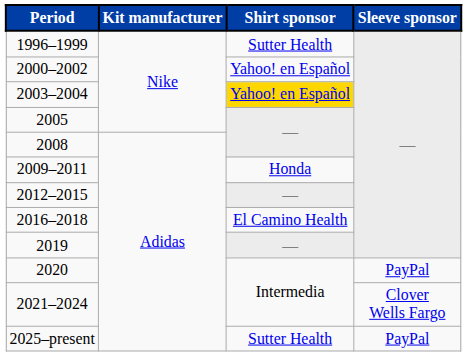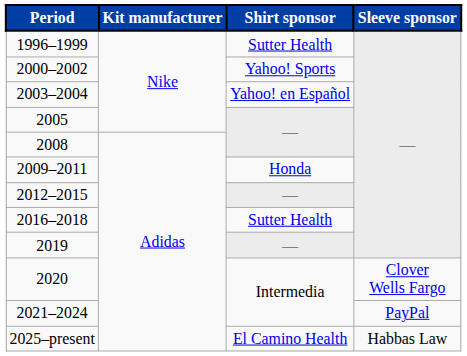 <table class="wikitable" style="text-align:center;margin-left:1em;float:center">
 <tr>
 <th style="background:#003DA5; color:#FFFFFF; border:2px solid #000000;">Period</th>
 <th style="background:#003DA5; color:#FFFFFF; border:2px solid #000000;">Kit manufacturer</th>
 <th style="background:#003DA5; color:#FFFFFF; border:2px solid #000000;">Shirt sponsor</th>
 <th style="background:#003DA5; color:#FFFFFF; border:2px solid #000000;">Sleeve sponsor</th>
 </tr>
 <tr>
 <td>1996–1999</td>
 <td rowspan="4"><a href='#'>Nike</a></td>
 <td><a href='#'>Sutter Health</a></td>
 <td rowspan="9" style="background:#ececec; color:gray">—</td>
 </tr>
 <tr>
 <td>2000–2002</td>
-<td><a href='#'>Yahoo! en Español</a></td>
+<td><a href='#'>Yahoo! Sports</a></td>
 </tr>
 <tr>
 <td>2003–2004</td>
-<td style="background: gold;"><a href='#'>Yahoo! en Español</a></td>
+<td><a href='#'>Yahoo! en Español</a></td>
 </tr>
 <tr>
 <td>2005</td>
 <td rowspan="2" style="background:#ececec; color:gray">—</td>
 </tr>
 <tr>
 <td>2008</td>
 <td rowspan="8"><a href='#'>Adidas</a></td>
 </tr>
 <tr>
 <td>2009–2011</td>
 <td><a href='#'>Honda</a></td>
 </tr>
 <tr>
 <td>2012–2015</td>
 <td style="background:#ececec; color:gray">—</td>
 </tr>
 <tr>
 <td>2016–2018</td>
-<td><a href='#'>El Camino Health</a></td>
+<td><a href='#'>Sutter Health</a></td>
 </tr>
 <tr>
 <td>2019</td>
 <td style="background:#ececec; color:gray">—</td>
 </tr>
 <tr>
 <td>2020</td>
 <td rowspan="2">Intermedia</td>
+<td><a href='#'>Clover</a><br><a href='#'>Wells Fargo</a></td>
+</tr>
+<tr>
+<td>2021–2024</td>
 <td><a href='#'>PayPal</a></td>
 </tr>
 <tr>
-<td>2021–2024</td>
-<td><a href='#'>Clover</a><br><a href='#'>Wells Fargo</a></td>
-</tr>
-<tr>
 <td>2025–present</td>
-<td><a href='#'>Sutter Health</a></td>
-<td><a href='#'>PayPal</a></td>
+<td><a href='#'>El Camino Health</a></td>
+<td>Habbas Law</td>
 </tr>
 </table>
